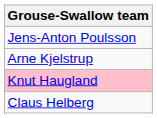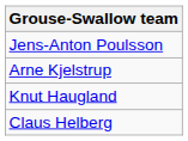 <table class="wikitable" style="display: inline-table;">
 <tr>
 <th>Grouse-Swallow team</th>
 </tr>
 <tr>
 <td><a href='#'>Jens-Anton Poulsson</a></td>
 </tr>
 <tr>
 <td><a href='#'>Arne Kjelstrup</a></td>
 </tr>
 <tr>
-<td style="background: pink;"><a href='#'>Knut Haugland</a></td>
+<td><a href='#'>Knut Haugland</a></td>
 </tr>
 <tr>
 <td><a href='#'>Claus Helberg</a></td>
 </tr>
 </table>
